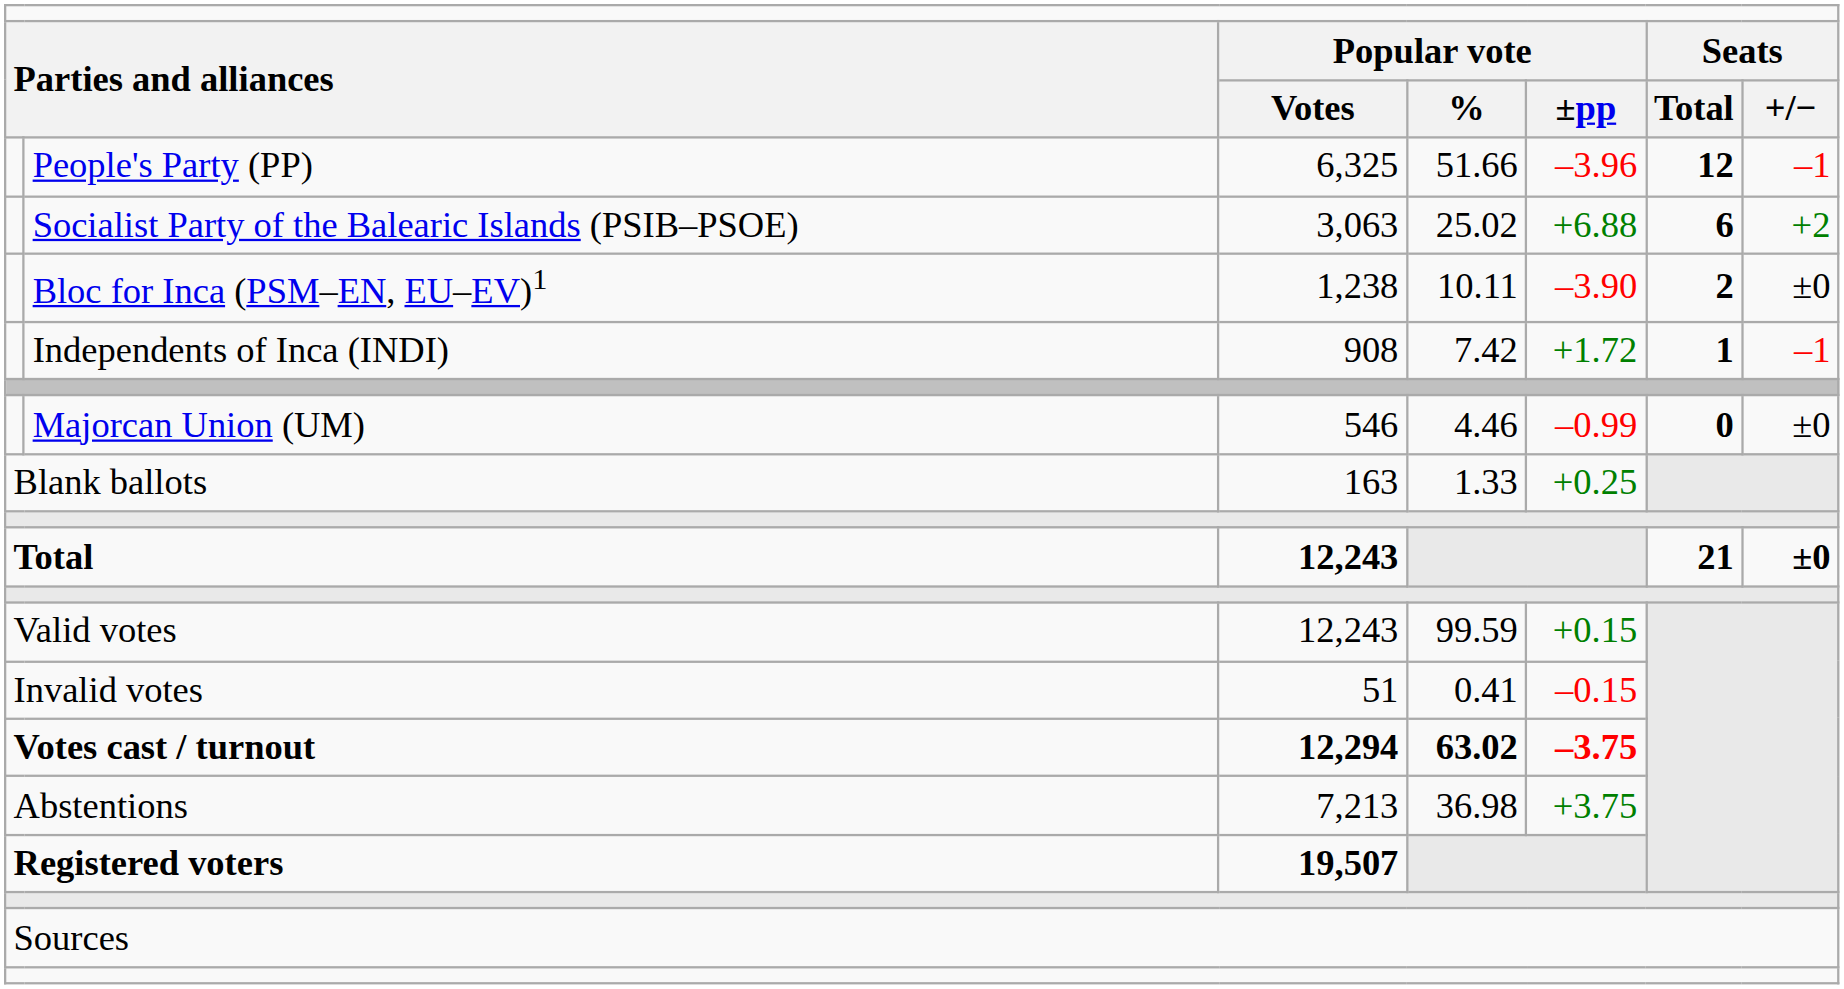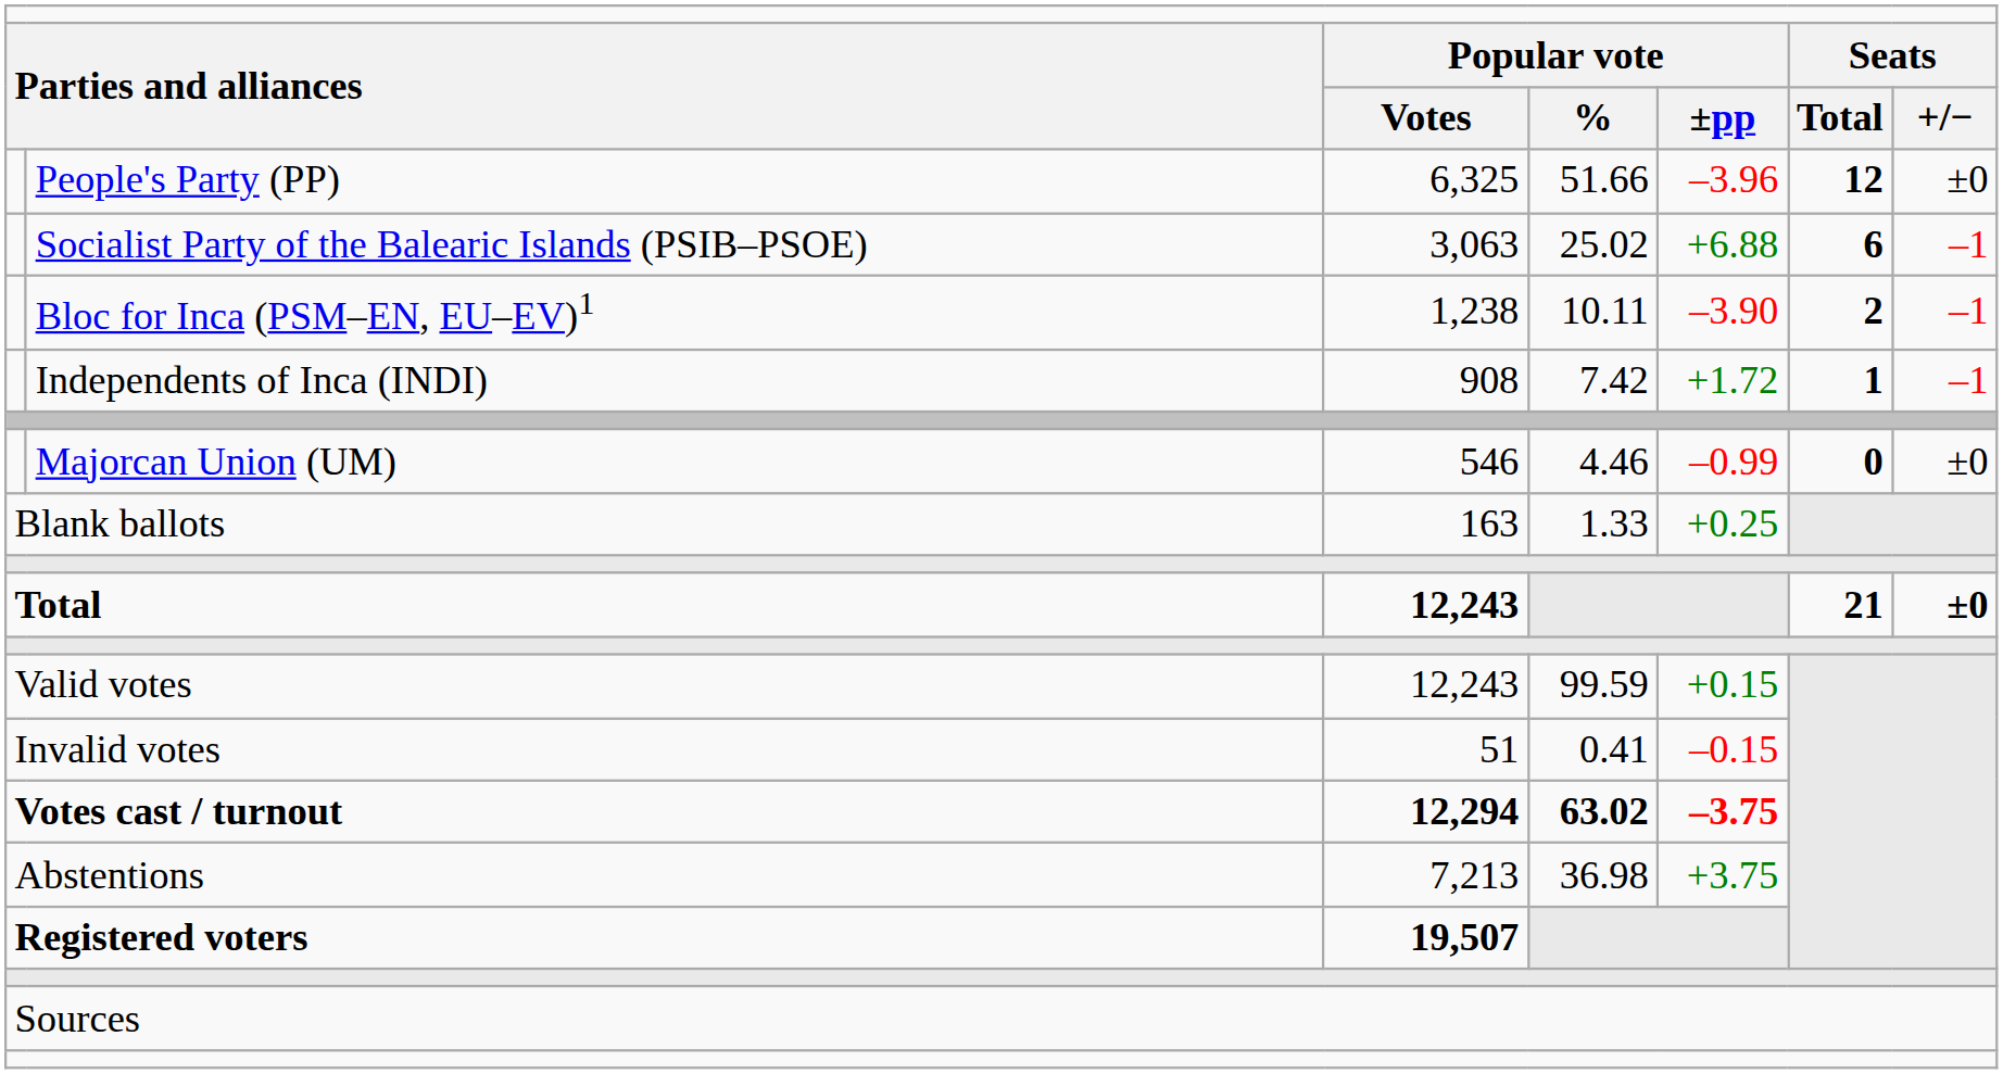 <table class="wikitable" style="text-align:right;">
 <tr>
 <td colspan="7"></td>
 </tr>
 <tr>
 <th style="text-align:left;" rowspan="2" colspan="2" width="525">Parties and alliances</th>
 <th colspan="3">Popular vote</th>
 <th colspan="2">Seats</th>
 </tr>
 <tr>
 <th width="75">Votes</th>
 <th width="45">%</th>
 <th width="45">±<a href='#'>pp</a></th>
 <th width="35">Total</th>
 <th width="35">+/−</th>
 </tr>
 <tr>
 <td width="1" style="color:inherit;background:"></td>
 <td align="left"><a href='#'>People's Party</a> (PP)</td>
 <td>6,325</td>
 <td>51.66</td>
 <td style="color:red;">–3.96</td>
 <td><strong>12</strong></td>
-<td style="color:red;">–1</td>
+<td>±0</td>
 </tr>
 <tr>
 <td style="color:inherit;background:"></td>
 <td align="left"><a href='#'>Socialist Party of the Balearic Islands</a> (PSIB–PSOE)</td>
 <td>3,063</td>
 <td>25.02</td>
 <td style="color:green;">+6.88</td>
 <td><strong>6</strong></td>
-<td style="color:green;">+2</td>
+<td style="color:red;">–1</td>
 </tr>
 <tr>
 <td style="color:inherit;background:"></td>
 <td align="left"><a href='#'>Bloc for Inca</a> (<a href='#'>PSM</a>–<a href='#'>EN</a>, <a href='#'>EU</a>–<a href='#'>EV</a>)<sup>1</sup></td>
 <td>1,238</td>
 <td>10.11</td>
 <td style="color:red;">–3.90</td>
 <td><strong>2</strong></td>
-<td>±0</td>
+<td style="color:red;">–1</td>
 </tr>
 <tr>
 <td style="color:inherit;background:"></td>
 <td align="left">Independents of Inca (INDI)</td>
 <td>908</td>
 <td>7.42</td>
 <td style="color:green;">+1.72</td>
 <td><strong>1</strong></td>
 <td style="color:red;">–1</td>
 </tr>
 <tr>
 <td colspan="7" bgcolor="#C0C0C0"></td>
 </tr>
 <tr>
 <td style="color:inherit;background:"></td>
 <td align="left"><a href='#'>Majorcan Union</a> (UM)</td>
 <td>546</td>
 <td>4.46</td>
 <td style="color:red;">–0.99</td>
 <td><strong>0</strong></td>
 <td>±0</td>
 </tr>
 <tr>
 <td align="left" colspan="2">Blank ballots</td>
 <td>163</td>
 <td>1.33</td>
 <td style="color:green;">+0.25</td>
 <td bgcolor="#E9E9E9" colspan="2"></td>
 </tr>
 <tr>
 <td colspan="7" bgcolor="#E9E9E9"></td>
 </tr>
 <tr style="font-weight:bold;">
 <td align="left" colspan="2">Total</td>
 <td>12,243</td>
 <td bgcolor="#E9E9E9" colspan="2"></td>
 <td>21</td>
 <td>±0</td>
 </tr>
 <tr>
 <td colspan="7" bgcolor="#E9E9E9"></td>
 </tr>
 <tr>
 <td align="left" colspan="2">Valid votes</td>
 <td>12,243</td>
 <td>99.59</td>
 <td style="color:green;">+0.15</td>
 <td bgcolor="#E9E9E9" colspan="2" rowspan="5"></td>
 </tr>
 <tr>
 <td align="left" colspan="2">Invalid votes</td>
 <td>51</td>
 <td>0.41</td>
 <td style="color:red;">–0.15</td>
 </tr>
 <tr style="font-weight:bold;">
 <td align="left" colspan="2">Votes cast / turnout</td>
 <td>12,294</td>
 <td>63.02</td>
 <td style="color:red;">–3.75</td>
 </tr>
 <tr>
 <td align="left" colspan="2">Abstentions</td>
 <td>7,213</td>
 <td>36.98</td>
 <td style="color:green;">+3.75</td>
 </tr>
 <tr style="font-weight:bold;">
 <td align="left" colspan="2">Registered voters</td>
 <td>19,507</td>
 <td bgcolor="#E9E9E9" colspan="2"></td>
 </tr>
 <tr>
 <td colspan="7" bgcolor="#E9E9E9"></td>
 </tr>
 <tr>
 <td align="left" colspan="7">Sources</td>
 </tr>
 <tr>
 <td colspan="7" style="text-align:left; max-width:790px;"></td>
 </tr>
 </table>
